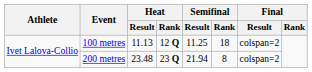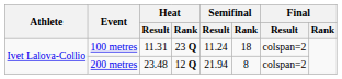 <table class=wikitable style=font-size:90%>
 <tr>
 <th rowspan=2>Athlete</th>
 <th rowspan=2>Event</th>
 <th colspan=2>Heat</th>
 <th colspan=2>Semifinal</th>
 <th colspan=2>Final</th>
 </tr>
 <tr style=font-size:95%>
 <th>Result</th>
 <th>Rank</th>
 <th>Result</th>
 <th>Rank</th>
 <th>Result</th>
 <th>Rank</th>
 </tr>
 <tr align=center>
 <td align=left rowspan=2><a href='#'>Ivet Lalova-Collio</a></td>
 <td align=left><a href='#'>100 metres</a></td>
-<td>11.13</td>
-<td>12 <strong>Q</strong></td>
-<td>11.25 <strong></strong></td>
+<td>11.31</td>
+<td>23 <strong>Q</strong></td>
+<td>11.24 <strong></strong></td>
 <td>18</td>
 <td>colspan=2 </td>
 </tr>
 <tr align=center>
 <td align=left><a href='#'>200 metres</a></td>
 <td>23.48</td>
-<td>23 <strong>Q</strong></td>
+<td>12 <strong>Q</strong></td>
 <td>21.94</td>
 <td>8</td>
 <td>colspan=2 </td>
 </tr>
 </table>
